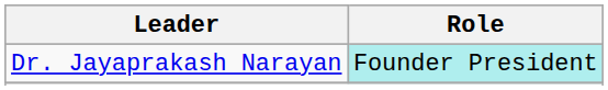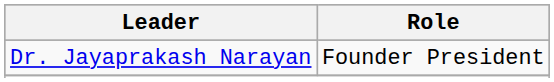 <table class="wikitable">
 <tr>
 <th>Leader</th>
 <th>Role</th>
 </tr>
 <tr>
 <td><a href='#'>Dr. Jayaprakash Narayan</a></td>
-<td style="background: paleturquoise;">Founder President</td>
+<td>Founder President</td>
 </tr>
 <tr>
 </tr>
 <tr>
 </tr>
 </table>
